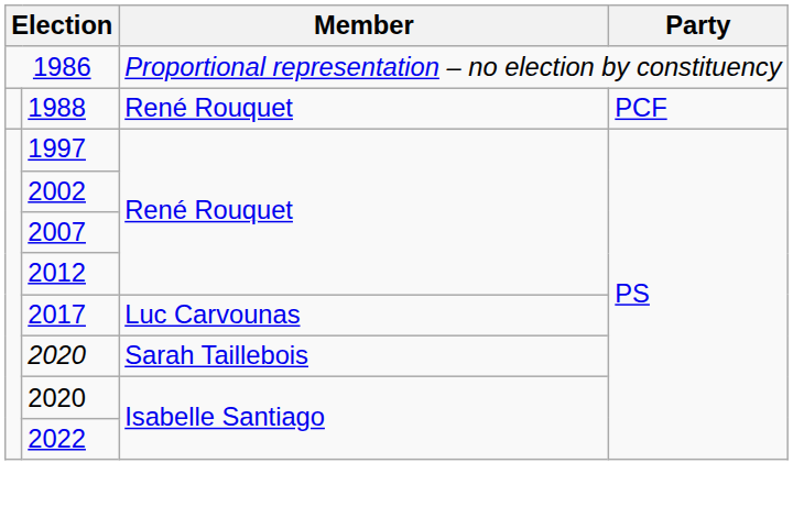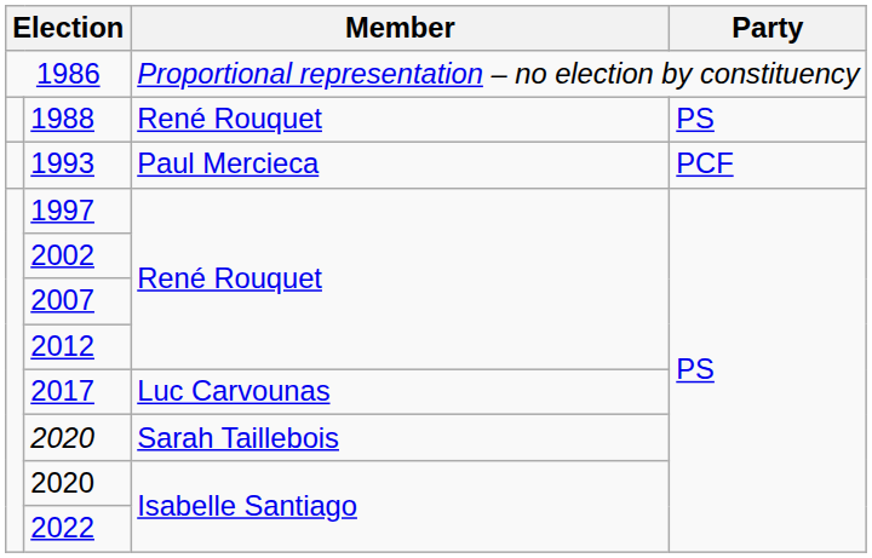 <table class="wikitable">
 <tr>
 <th colspan="2">Election</th>
 <th>Member</th>
 <th>Party</th>
 </tr>
 <tr>
 <td colspan="2" align="center"><a href='#'>1986</a></td>
 <td colspan="2"><em><a href='#'>Proportional representation</a> – no election by constituency</em></td>
 </tr>
 <tr>
 <td style="color:inherit;background-color: "></td>
 <td><a href='#'>1988</a></td>
 <td><a href='#'>René Rouquet</a></td>
+<td><a href='#'>PS</a></td>
+</tr>
+<tr>
+<td style="color:inherit;background-color: "></td>
+<td><a href='#'>1993</a></td>
+<td><a href='#'>Paul Mercieca</a></td>
 <td><a href='#'>PCF</a></td>
 </tr>
 <tr>
 <td rowspan="8" style="color:inherit;background-color: "></td>
 <td><a href='#'>1997</a></td>
 <td rowspan="4"><a href='#'>René Rouquet</a></td>
 <td rowspan="8"><a href='#'>PS</a></td>
 </tr>
 <tr>
 <td><a href='#'>2002</a></td>
 </tr>
 <tr>
 <td><a href='#'>2007</a></td>
 </tr>
 <tr>
 <td><a href='#'>2012</a></td>
 </tr>
 <tr>
 <td><a href='#'>2017</a></td>
 <td><a href='#'>Luc Carvounas</a></td>
 </tr>
 <tr>
 <td><em>2020</em></td>
 <td><a href='#'>Sarah Taillebois</a></td>
 </tr>
 <tr>
 <td>2020</td>
 <td rowspan="2"><a href='#'>Isabelle Santiago</a></td>
 </tr>
 <tr>
 <td><a href='#'>2022</a></td>
 </tr>
 </table>
